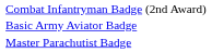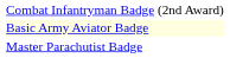 <table>
 <tr>
 <td> <a href='#'>Combat Infantryman Badge</a> (2nd Award)</td>
 </tr>
 <tr>
-<td><a href='#'>Basic Army Aviator Badge</a></td>
+<td style="background: lightyellow;"><a href='#'>Basic Army Aviator Badge</a></td>
 </tr>
 <tr>
 <td> <a href='#'>Master Parachutist Badge</a></td>
 </tr>
 </table>
